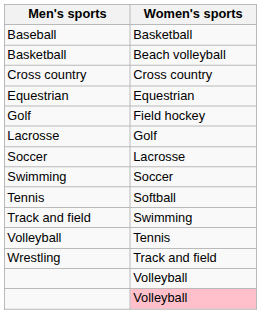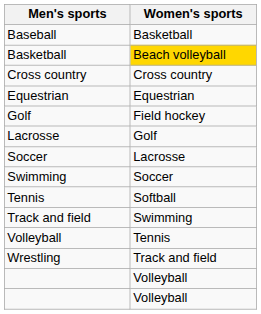 <table class="wikitable"; style=" ">
 <tr>
 <th width=150px>Men's sports</th>
 <th width=150px>Women's sports</th>
 </tr>
 <tr>
 <td>Baseball</td>
 <td>Basketball</td>
 </tr>
 <tr>
 <td>Basketball</td>
-<td>Beach volleyball</td>
+<td style="background: gold;">Beach volleyball</td>
 </tr>
 <tr>
 <td>Cross country</td>
 <td>Cross country</td>
 </tr>
 <tr>
 <td>Equestrian</td>
 <td>Equestrian</td>
 </tr>
 <tr>
 <td>Golf</td>
 <td>Field hockey</td>
 </tr>
 <tr>
 <td>Lacrosse</td>
 <td>Golf</td>
 </tr>
 <tr>
 <td>Soccer</td>
 <td>Lacrosse</td>
 </tr>
 <tr>
 <td>Swimming</td>
 <td>Soccer</td>
 </tr>
 <tr>
 <td>Tennis</td>
 <td>Softball</td>
 </tr>
 <tr>
 <td>Track and field</td>
 <td>Swimming</td>
 </tr>
 <tr>
 <td>Volleyball</td>
 <td>Tennis</td>
 </tr>
 <tr>
 <td>Wrestling</td>
 <td>Track and field</td>
 </tr>
 <tr>
 <td></td>
 <td>Volleyball</td>
 </tr>
 <tr>
 <td></td>
-<td style="background: pink;">Volleyball</td>
+<td>Volleyball</td>
 </tr>
 </table>
